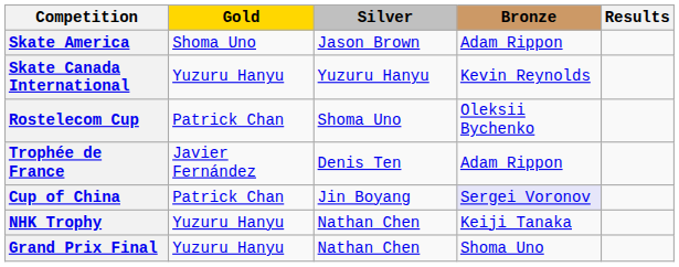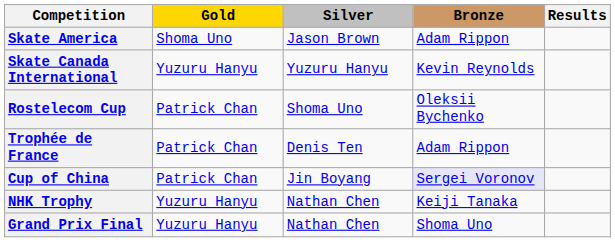 <table class="wikitable unsortable" style="text-align:left; width:90%">
 <tr>
 <th scope="col" style="text-align:center; width:25%;">Competition</th>
 <td scope="col" style="text-align:center; width:22.5%; background:gold"><strong>Gold</strong></td>
 <td scope="col" style="text-align:center; width:22.5%; background:silver"><strong>Silver</strong></td>
 <td scope="col" style="text-align:center; width:22.5%; background:#c96"><strong>Bronze</strong></td>
 <th scope="col" style="text-align:center; width:7.5%;">Results</th>
 </tr>
 <tr>
 <th scope="row" style="text-align:left"> <a href='#'>Skate America</a></th>
 <td> <a href='#'>Shoma Uno</a></td>
 <td> <a href='#'>Jason Brown</a></td>
 <td> <a href='#'>Adam Rippon</a></td>
 <td></td>
 </tr>
 <tr>
 <th scope="row" style="text-align:left"> <a href='#'>Skate Canada International</a></th>
 <td> <a href='#'>Yuzuru Hanyu</a></td>
 <td> <a href='#'>Yuzuru Hanyu</a></td>
 <td> <a href='#'>Kevin Reynolds</a></td>
 <td></td>
 </tr>
 <tr>
 <th scope="row" style="text-align:left"> <a href='#'>Rostelecom Cup</a></th>
 <td> <a href='#'>Patrick Chan</a></td>
 <td> <a href='#'>Shoma Uno</a></td>
 <td> <a href='#'>Oleksii Bychenko</a></td>
 <td></td>
 </tr>
 <tr>
 <th scope="row" style="text-align:left"> <a href='#'>Trophée de France</a></th>
-<td> <a href='#'>Javier Fernández</a></td>
+<td> <a href='#'>Patrick Chan</a></td>
 <td> <a href='#'>Denis Ten</a></td>
 <td> <a href='#'>Adam Rippon</a></td>
 <td></td>
 </tr>
 <tr>
 <th scope="row" style="text-align:left"> <a href='#'>Cup of China</a></th>
 <td> <a href='#'>Patrick Chan</a></td>
 <td> <a href='#'>Jin Boyang</a></td>
 <td style="background: lavender;"> <a href='#'>Sergei Voronov</a></td>
 <td></td>
 </tr>
 <tr>
 <th scope="row" style="text-align:left"> <a href='#'>NHK Trophy</a></th>
 <td> <a href='#'>Yuzuru Hanyu</a></td>
 <td> <a href='#'>Nathan Chen</a></td>
 <td> <a href='#'>Keiji Tanaka</a></td>
 <td></td>
 </tr>
 <tr>
 <th scope="row" style="text-align:left"> <a href='#'>Grand Prix Final</a></th>
 <td> <a href='#'>Yuzuru Hanyu</a></td>
 <td> <a href='#'>Nathan Chen</a></td>
 <td> <a href='#'>Shoma Uno</a></td>
 <td></td>
 </tr>
 </table>
